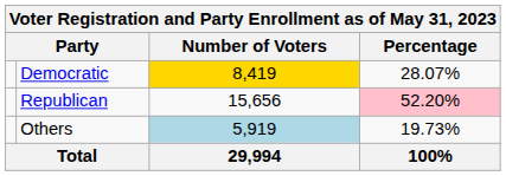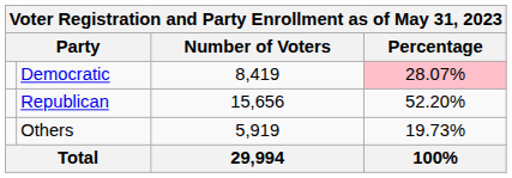 <table class=wikitable>
 <tr>
 <th colspan = 6>Voter Registration and Party Enrollment as of May 31, 2023</th>
 </tr>
 <tr>
 <th colspan = 2>Party</th>
 <th>Number of Voters</th>
 <th>Percentage</th>
 </tr>
 <tr>
 <td></td>
 <td><a href='#'>Democratic</a></td>
-<td align = center style="background: gold;">8,419</td>
-<td align = center>28.07%</td>
+<td align = center>8,419</td>
+<td align = center style="background: pink;">28.07%</td>
 </tr>
 <tr>
 <td></td>
 <td><a href='#'>Republican</a></td>
 <td align = center>15,656</td>
-<td align = center style="background: pink;">52.20%</td>
+<td align = center>52.20%</td>
 </tr>
 <tr>
 <td></td>
 <td>Others</td>
-<td align = center style="background: lightblue;">5,919</td>
+<td align = center>5,919</td>
 <td align = center>19.73%</td>
 </tr>
 <tr>
 <th colspan = 2>Total</th>
 <th align = center>29,994</th>
 <th align = center>100%</th>
 </tr>
 </table>
